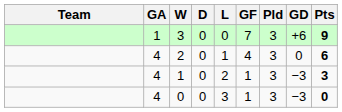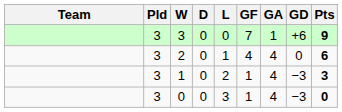 <table class="wikitable" style="text-align: center;">
 <tr>
 <th width=165>Team</th>
-<th width=20>GA</th>
+<th width=20>Pld</th>
 <th width=20>W</th>
 <th width=20>D</th>
 <th width=20>L</th>
 <th width=20>GF</th>
-<th width=20>Pld</th>
+<th width=20>GA</th>
 <th width=20>GD</th>
 <th width=20>Pts</th>
 </tr>
 <tr bgcolor=#ccffcc>
 <td align=left></td>
-<td>1</td>
+<td>3</td>
 <td>3</td>
 <td>0</td>
 <td>0</td>
 <td>7</td>
-<td>3</td>
+<td>1</td>
 <td>+6</td>
 <td><strong>9</strong></td>
 </tr>
 <tr>
 <td align=left></td>
-<td>4</td>
+<td>3</td>
 <td>2</td>
 <td>0</td>
 <td>1</td>
 <td>4</td>
-<td>3</td>
+<td>4</td>
 <td>0</td>
 <td><strong>6</strong></td>
 </tr>
 <tr>
 <td align=left></td>
-<td>4</td>
+<td>3</td>
 <td>1</td>
 <td>0</td>
 <td>2</td>
 <td>1</td>
-<td>3</td>
+<td>4</td>
 <td>−3</td>
 <td><strong>3</strong></td>
 </tr>
 <tr>
 <td align=left></td>
-<td>4</td>
+<td>3</td>
 <td>0</td>
 <td>0</td>
 <td>3</td>
 <td>1</td>
-<td>3</td>
+<td>4</td>
 <td>−3</td>
 <td><strong>0</strong></td>
 </tr>
 </table>
